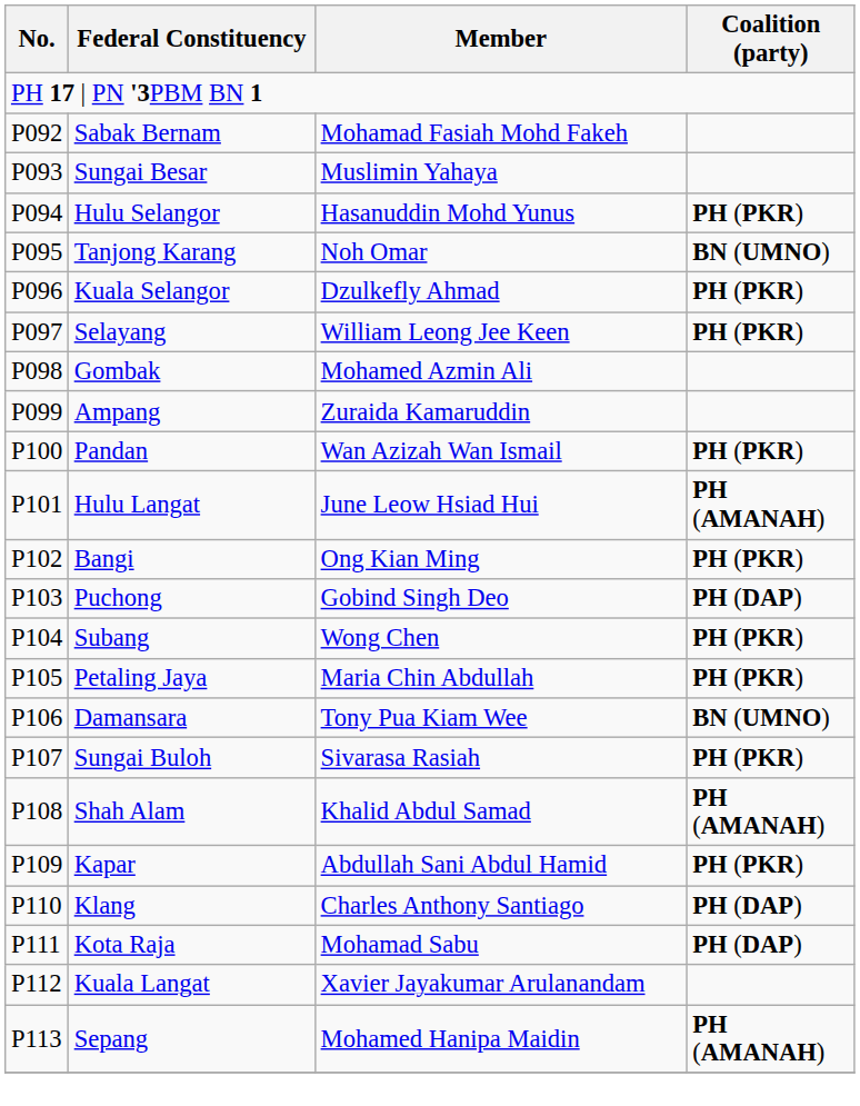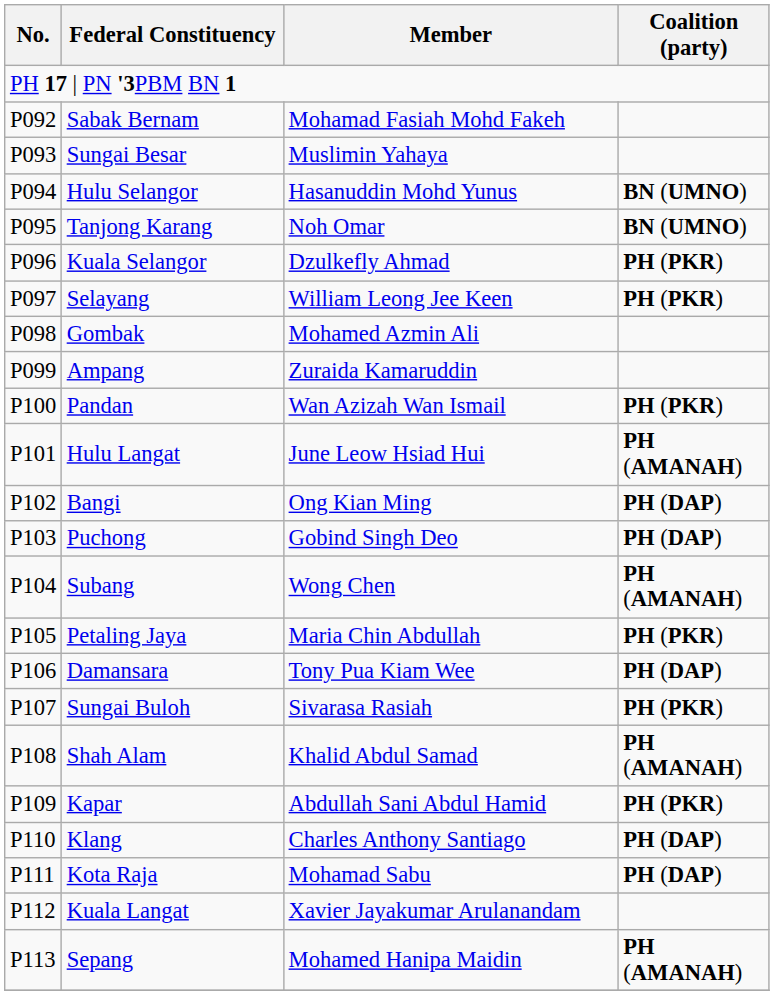 <table class="wikitable sortable">
 <tr>
 <th style="width:30px;">No.</th>
 <th style="width:150px;">Federal Constituency</th>
 <th style="width:230px;">Member</th>
 <th style="width:100px;">Coalition (party)</th>
 </tr>
 <tr>
 <td colspan="4"><a href='#'>PH</a> <strong>17</strong> | <a href='#'>PN</a> <strong>'3</strong><a href='#'>PBM</a> <a href='#'>BN</a> <strong>1</strong></td>
 </tr>
 <tr>
 <td>P092</td>
 <td><a href='#'>Sabak Bernam</a></td>
 <td><a href='#'>Mohamad Fasiah Mohd Fakeh</a></td>
 <td></td>
 </tr>
 <tr>
 <td>P093</td>
 <td><a href='#'>Sungai Besar</a></td>
 <td><a href='#'>Muslimin Yahaya</a></td>
 <td></td>
 </tr>
 <tr>
 <td>P094</td>
 <td><a href='#'>Hulu Selangor</a></td>
 <td><a href='#'>Hasanuddin Mohd Yunus</a></td>
-<td><strong>PH</strong> (<strong>PKR</strong>)</td>
+<td><strong>BN</strong> (<strong>UMNO</strong>)</td>
 </tr>
 <tr>
 <td>P095</td>
 <td><a href='#'>Tanjong Karang</a></td>
 <td><a href='#'>Noh Omar</a></td>
 <td><strong>BN</strong> (<strong>UMNO</strong>)</td>
 </tr>
 <tr>
 <td>P096</td>
 <td><a href='#'>Kuala Selangor</a></td>
 <td><a href='#'>Dzulkefly Ahmad</a></td>
 <td><strong>PH</strong> (<strong>PKR</strong>)</td>
 </tr>
 <tr>
 <td>P097</td>
 <td><a href='#'>Selayang</a></td>
 <td><a href='#'>William Leong Jee Keen</a></td>
 <td><strong>PH</strong> (<strong>PKR</strong>)</td>
 </tr>
 <tr>
 <td>P098</td>
 <td><a href='#'>Gombak</a></td>
 <td><a href='#'>Mohamed Azmin Ali</a></td>
 <td></td>
 </tr>
 <tr>
 <td>P099</td>
 <td><a href='#'>Ampang</a></td>
 <td><a href='#'>Zuraida Kamaruddin</a></td>
 <td></td>
 </tr>
 <tr>
 <td>P100</td>
 <td><a href='#'>Pandan</a></td>
 <td><a href='#'>Wan Azizah Wan Ismail</a></td>
 <td><strong>PH</strong> (<strong>PKR</strong>)</td>
 </tr>
 <tr>
 <td>P101</td>
 <td><a href='#'>Hulu Langat</a></td>
 <td><a href='#'>June Leow Hsiad Hui</a></td>
 <td><strong>PH</strong> (<strong>AMANAH</strong>)</td>
 </tr>
 <tr>
 <td>P102</td>
 <td><a href='#'>Bangi</a></td>
 <td><a href='#'>Ong Kian Ming</a></td>
-<td><strong>PH</strong> (<strong>PKR</strong>)</td>
+<td><strong>PH</strong> (<strong>DAP</strong>)</td>
 </tr>
 <tr>
 <td>P103</td>
 <td><a href='#'>Puchong</a></td>
 <td><a href='#'>Gobind Singh Deo</a></td>
 <td><strong>PH</strong> (<strong>DAP</strong>)</td>
 </tr>
 <tr>
 <td>P104</td>
 <td><a href='#'>Subang</a></td>
 <td><a href='#'>Wong Chen</a></td>
-<td><strong>PH</strong> (<strong>PKR</strong>)</td>
+<td><strong>PH</strong> (<strong>AMANAH</strong>)</td>
 </tr>
 <tr>
 <td>P105</td>
 <td><a href='#'>Petaling Jaya</a></td>
 <td><a href='#'>Maria Chin Abdullah</a></td>
 <td><strong>PH</strong> (<strong>PKR</strong>)</td>
 </tr>
 <tr>
 <td>P106</td>
 <td><a href='#'>Damansara</a></td>
 <td><a href='#'>Tony Pua Kiam Wee</a></td>
-<td><strong>BN</strong> (<strong>UMNO</strong>)</td>
+<td><strong>PH</strong> (<strong>DAP</strong>)</td>
 </tr>
 <tr>
 <td>P107</td>
 <td><a href='#'>Sungai Buloh</a></td>
 <td><a href='#'>Sivarasa Rasiah</a></td>
 <td><strong>PH</strong> (<strong>PKR</strong>)</td>
 </tr>
 <tr>
 <td>P108</td>
 <td><a href='#'>Shah Alam</a></td>
 <td><a href='#'>Khalid Abdul Samad</a></td>
 <td><strong>PH</strong> (<strong>AMANAH</strong>)</td>
 </tr>
 <tr>
 <td>P109</td>
 <td><a href='#'>Kapar</a></td>
 <td><a href='#'>Abdullah Sani Abdul Hamid</a></td>
 <td><strong>PH</strong> (<strong>PKR</strong>)</td>
 </tr>
 <tr>
 <td>P110</td>
 <td><a href='#'>Klang</a></td>
 <td><a href='#'>Charles Anthony Santiago</a></td>
 <td><strong>PH</strong> (<strong>DAP</strong>)</td>
 </tr>
 <tr>
 <td>P111</td>
 <td><a href='#'>Kota Raja</a></td>
 <td><a href='#'>Mohamad Sabu</a></td>
 <td><strong>PH</strong> (<strong>DAP</strong>)</td>
 </tr>
 <tr>
 <td>P112</td>
 <td><a href='#'>Kuala Langat</a></td>
 <td><a href='#'>Xavier Jayakumar Arulanandam</a></td>
 <td></td>
 </tr>
 <tr>
 <td>P113</td>
 <td><a href='#'>Sepang</a></td>
 <td><a href='#'>Mohamed Hanipa Maidin</a></td>
 <td><strong>PH</strong> (<strong>AMANAH</strong>)</td>
 </tr>
 <tr>
 </tr>
 </table>
